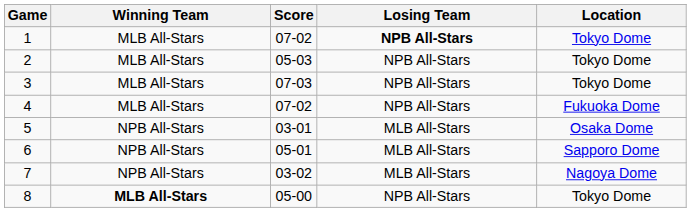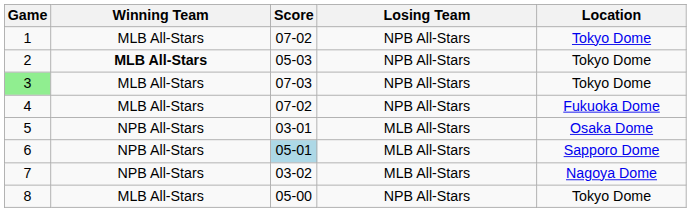 <table class="wikitable">
 <tr>
 <th>Game</th>
 <th>Winning Team</th>
 <th>Score</th>
 <th>Losing Team</th>
 <th>Location</th>
 </tr>
 <tr>
 <td style="width: 2em; text-align:center">1</td>
 <td style="width:15em; text-align:center">MLB All-Stars</td>
 <td style="width: 2em; text-align:center">07-02</td>
-<td style="width:15em; text-align:center"><strong>NPB All-Stars</strong></td>
+<td style="width:15em; text-align:center">NPB All-Stars</td>
 <td style="width:10em; text-align:center"><a href='#'>Tokyo Dome</a></td>
 </tr>
 <tr>
 <td style="text-align:center">2</td>
-<td style="text-align:center">MLB All-Stars</td>
+<td style="text-align:center"><strong>MLB All-Stars</strong></td>
 <td style="text-align:center">05-03</td>
 <td style="text-align:center">NPB All-Stars</td>
 <td style="text-align:center">Tokyo Dome</td>
 </tr>
 <tr>
-<td style="text-align:center">3</td>
+<td style="background: lightgreen; text-align:center">3</td>
 <td style="text-align:center">MLB All-Stars</td>
 <td style="text-align:center">07-03</td>
 <td style="text-align:center">NPB All-Stars</td>
 <td style="text-align:center">Tokyo Dome</td>
 </tr>
 <tr>
 <td style="text-align:center">4</td>
 <td style="text-align:center">MLB All-Stars</td>
 <td style="text-align:center">07-02</td>
 <td style="text-align:center">NPB All-Stars</td>
 <td style="text-align:center"><a href='#'>Fukuoka Dome</a></td>
 </tr>
 <tr>
 <td style="text-align:center">5</td>
 <td style="text-align:center">NPB All-Stars</td>
 <td style="text-align:center">03-01</td>
 <td style="text-align:center">MLB All-Stars</td>
 <td style="text-align:center"><a href='#'>Osaka Dome</a></td>
 </tr>
 <tr>
 <td style="text-align:center">6</td>
 <td style="text-align:center">NPB All-Stars</td>
-<td style="text-align:center">05-01</td>
+<td style="background: lightblue; text-align:center">05-01</td>
 <td style="text-align:center">MLB All-Stars</td>
 <td style="text-align:center"><a href='#'>Sapporo Dome</a></td>
 </tr>
 <tr>
 <td style="text-align:center">7</td>
 <td style="text-align:center">NPB All-Stars</td>
 <td style="text-align:center">03-02</td>
 <td style="text-align:center">MLB All-Stars</td>
 <td style="text-align:center"><a href='#'>Nagoya Dome</a></td>
 </tr>
 <tr>
 <td style="text-align:center">8</td>
-<td style="text-align:center"><strong>MLB All-Stars</strong></td>
+<td style="text-align:center">MLB All-Stars</td>
 <td style="text-align:center">05-00</td>
 <td style="text-align:center">NPB All-Stars</td>
 <td style="text-align:center">Tokyo Dome</td>
 </tr>
 </table>
